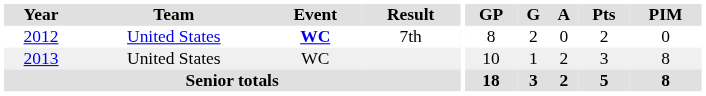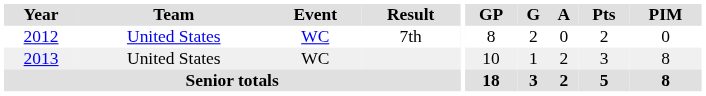 <table border="0" cellpadding="1" cellspacing="0" ID="Table3" style="text-align:center; width:40em">
 <tr ALIGN="center" bgcolor="#e0e0e0">
 <th>Year</th>
 <th>Team</th>
 <th>Event</th>
 <th>Result</th>
 <th rowspan="99" bgcolor="#ffffff"></th>
 <th>GP</th>
 <th>G</th>
 <th>A</th>
 <th>Pts</th>
 <th>PIM</th>
 </tr>
 <tr>
 <td><a href='#'>2012</a></td>
 <td><a href='#'>United States</a></td>
-<td><strong><a href='#'>WC</a></strong></td>
+<td><a href='#'>WC</a></td>
 <td>7th</td>
 <td>8</td>
 <td>2</td>
 <td>0</td>
 <td>2</td>
 <td>0</td>
 </tr>
 <tr bgcolor="#f0f0f0">
 <td><a href='#'>2013</a></td>
 <td>United States</td>
 <td>WC</td>
 <td></td>
 <td>10</td>
 <td>1</td>
 <td>2</td>
 <td>3</td>
 <td>8</td>
 </tr>
 <tr bgcolor="#e0e0e0">
 <th colspan="4">Senior totals</th>
 <th>18</th>
 <th>3</th>
 <th>2</th>
 <th>5</th>
 <th>8</th>
 </tr>
 </table>
